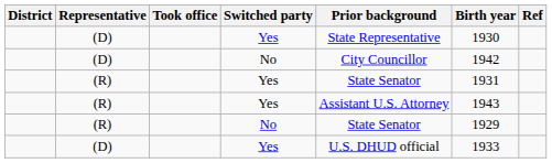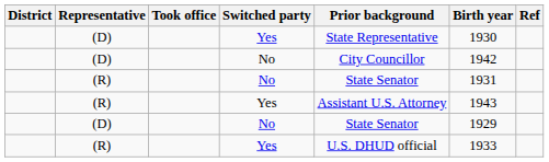 <table class="sortable wikitable" style="text-align:center">
 <tr>
 <th>District</th>
 <th>Representative</th>
 <th>Took office</th>
 <th>Switched party</th>
 <th>Prior background</th>
 <th>Birth year</th>
 <th>Ref</th>
 </tr>
 <tr>
 <td></td>
 <td> (D)</td>
 <td></td>
 <td><a href='#'>Yes</a></td>
 <td><a href='#'>State Representative</a></td>
 <td>1930</td>
 <td></td>
 </tr>
 <tr>
 <td></td>
 <td> (D)</td>
 <td></td>
 <td>No</td>
 <td><a href='#'>City Councillor</a></td>
 <td>1942</td>
 <td></td>
 </tr>
 <tr>
 <td></td>
 <td> (R)</td>
 <td></td>
-<td>Yes</td>
+<td><a href='#'>No</a></td>
 <td><a href='#'>State Senator</a></td>
 <td>1931</td>
 <td></td>
 </tr>
 <tr>
 <td></td>
 <td> (R)</td>
 <td></td>
 <td>Yes</td>
 <td><a href='#'>Assistant U.S. Attorney</a></td>
 <td>1943</td>
 <td></td>
 </tr>
 <tr>
 <td></td>
-<td> (R)</td>
+<td> (D)</td>
 <td></td>
 <td><a href='#'>No</a></td>
 <td><a href='#'>State Senator</a></td>
 <td>1929</td>
 <td></td>
 </tr>
 <tr>
 <td></td>
-<td> (D)</td>
+<td> (R)</td>
 <td></td>
 <td><a href='#'>Yes</a></td>
 <td><a href='#'>U.S. DHUD</a> official</td>
 <td>1933</td>
 <td></td>
 </tr>
 </table>
